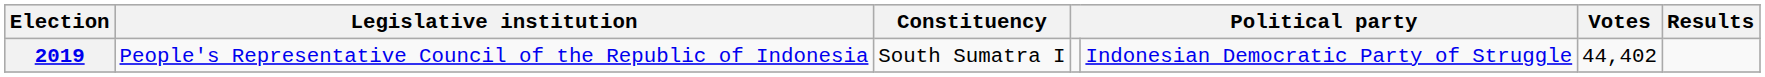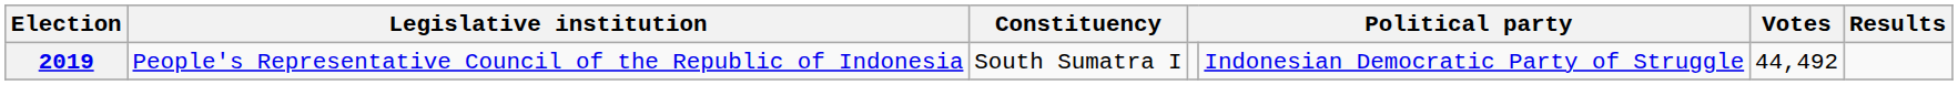 <table class="wikitable">
 <tr>
 <th>Election</th>
 <th><strong>Legislative institution</strong></th>
 <th>Constituency</th>
 <th colspan="2">Political party</th>
 <th>Votes</th>
 <th>Results</th>
 </tr>
 <tr>
 <th><strong><a href='#'>2019</a></strong></th>
 <td rowspan="3"><a href='#'>People's Representative Council of the Republic of Indonesia</a></td>
 <td rowspan="3">South Sumatra I</td>
 <td style="background:"></td>
 <td rowspan="3"><a href='#'>Indonesian Democratic Party of Struggle</a></td>
-<td>44,402</td>
+<td>44,492</td>
 <td></td>
 </tr>
 </table>
